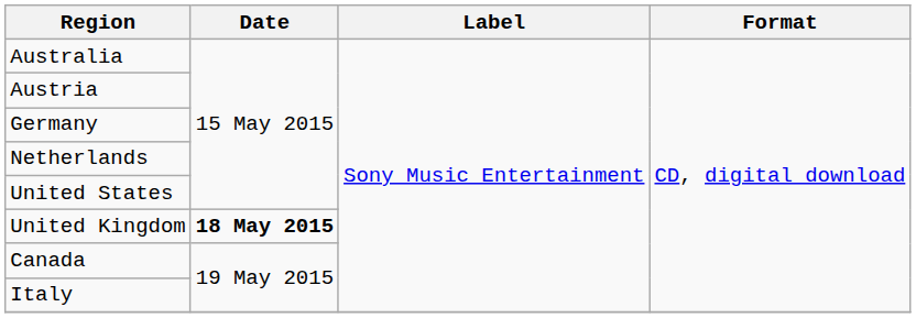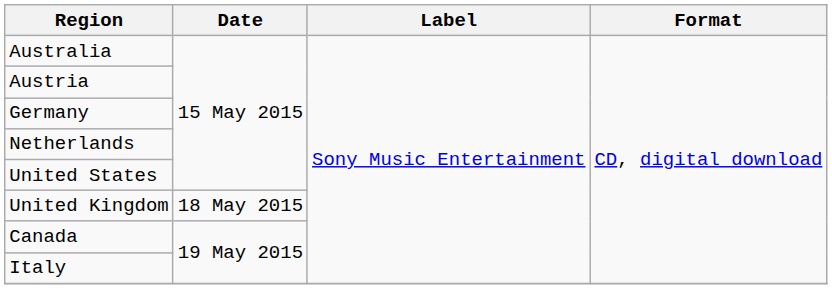 <table class=wikitable>
 <tr>
 <th>Region</th>
 <th>Date</th>
 <th>Label</th>
 <th>Format</th>
 </tr>
 <tr>
 <td>Australia</td>
 <td rowspan="5">15 May 2015</td>
 <td rowspan="8"><a href='#'>Sony Music Entertainment</a></td>
 <td rowspan="8"><a href='#'>CD</a>, <a href='#'>digital download</a></td>
 </tr>
 <tr>
 <td>Austria</td>
 </tr>
 <tr>
 <td>Germany</td>
 </tr>
 <tr>
 <td>Netherlands</td>
 </tr>
 <tr>
 <td>United States</td>
 </tr>
 <tr>
 <td>United Kingdom</td>
-<td><strong>18 May 2015</strong></td>
+<td>18 May 2015</td>
 </tr>
 <tr>
 <td>Canada</td>
 <td rowspan="2">19 May 2015</td>
 </tr>
 <tr>
 <td>Italy</td>
 </tr>
 <tr>
 </tr>
 </table>
